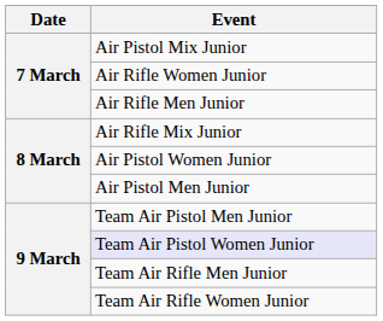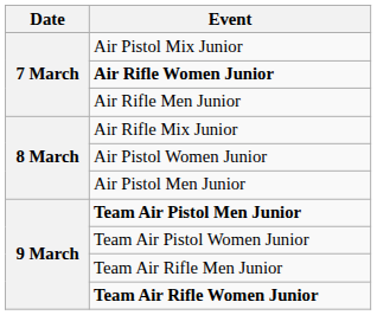 <table class=wikitable>
 <tr>
 <th width=70>Date</th>
 <th width=250>Event</th>
 </tr>
 <tr>
 <th rowspan=3 align=center>7 March</th>
 <td>Air Pistol Mix Junior</td>
 </tr>
 <tr>
-<td>Air Rifle Women Junior</td>
+<td><strong>Air Rifle Women Junior</strong></td>
 </tr>
 <tr>
 <td>Air Rifle Men Junior</td>
 </tr>
 <tr>
 <th rowspan=3 align=center>8 March</th>
 <td>Air Rifle Mix Junior</td>
 </tr>
 <tr>
 <td>Air Pistol Women Junior</td>
 </tr>
 <tr>
 <td>Air Pistol Men Junior</td>
 </tr>
 <tr>
 <th rowspan=4 align=center>9 March</th>
-<td>Team Air Pistol Men Junior</td>
+<td><strong>Team Air Pistol Men Junior</strong></td>
 </tr>
 <tr>
-<td style="background: lavender;">Team Air Pistol Women Junior</td>
+<td>Team Air Pistol Women Junior</td>
 </tr>
 <tr>
 <td>Team Air Rifle Men Junior</td>
 </tr>
 <tr>
-<td>Team Air Rifle Women Junior</td>
+<td><strong>Team Air Rifle Women Junior</strong></td>
 </tr>
 </table>
